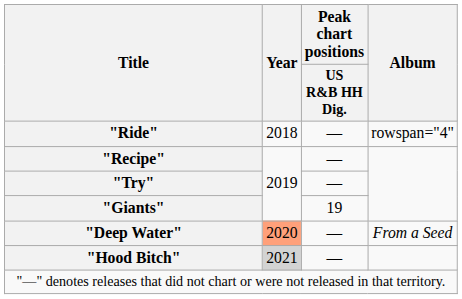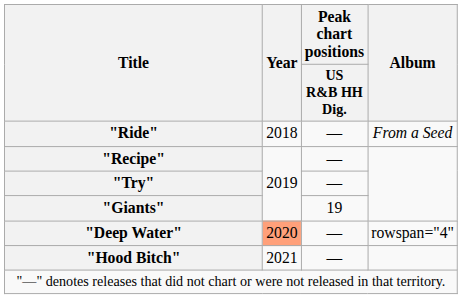 <table class="wikitable plainrowheaders" style="text-align:center;">
 <tr>
 <th rowspan="2" scope="col" style="width:16em;">Title</th>
 <th rowspan="2" scope="col">Year</th>
 <th scope="col">Peak chart positions</th>
 <th rowspan="2" scope="col">Album</th>
 </tr>
 <tr>
 <th scope="col" style="width:4em;font-size:90%;">US<br>R&B HH Dig.<br></th>
 </tr>
 <tr>
 <th scope="row">"Ride"<br></th>
 <td>2018</td>
 <td>—</td>
-<td>rowspan="4" </td>
+<td><em>From a Seed</em></td>
 </tr>
 <tr>
 <th scope="row">"Recipe"<br></th>
 <td rowspan="3">2019</td>
 <td>—</td>
 </tr>
 <tr>
 <th scope="row">"Try"<br></th>
 <td>—</td>
 </tr>
 <tr>
 <th scope="row">"Giants"<br></th>
 <td>19</td>
 </tr>
 <tr>
 <th scope="row">"Deep Water"<br></th>
 <td style="background: lightsalmon;">2020</td>
 <td>—</td>
-<td><em>From a Seed</em></td>
+<td>rowspan="4" </td>
 </tr>
 <tr>
 <th scope="row">"Hood Bitch"<br></th>
-<td style="background: lightgrey;">2021</td>
+<td>2021</td>
 <td>—</td>
 <td></td>
 </tr>
 <tr>
 <td colspan="4" style="text-align:center; font-size:90%;">"—" denotes releases that did not chart or were not released in that territory.</td>
 </tr>
 </table>
